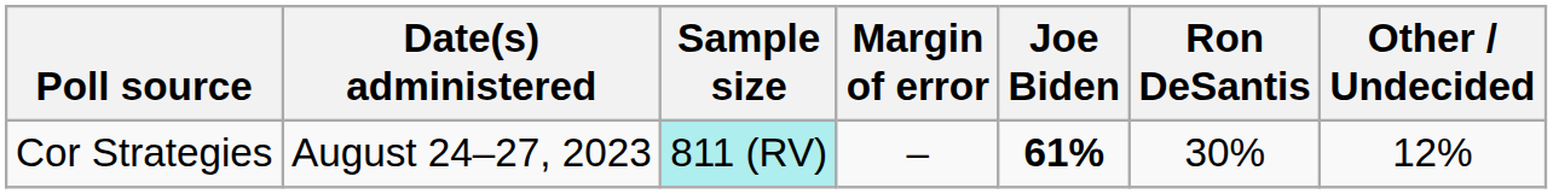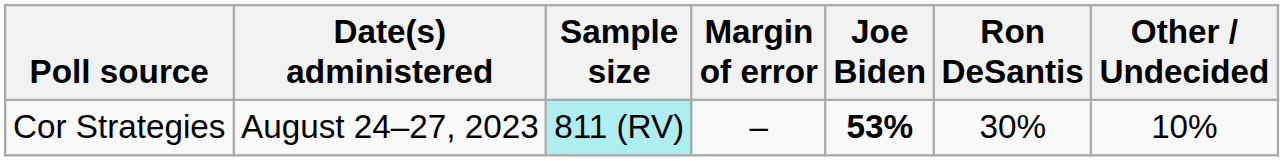 <table class="wikitable sortable mw-datatable" style="font-size:90%;text-align:center;line-height:17px">
 <tr valign="bottom">
 <th>Poll source</th>
 <th>Date(s)<br>administered</th>
 <th>Sample<br>size</th>
 <th>Margin<br>of error</th>
 <th class="unsortable">Joe<br>Biden<br></th>
 <th class="unsortable">Ron<br>DeSantis<br></th>
 <th class="unsortable">Other /<br>Undecided</th>
 </tr>
 <tr>
 <td style="text-align:left;">Cor Strategies</td>
 <td>August 24–27, 2023</td>
 <td style="background: paleturquoise;">811 (RV)</td>
 <td>–</td>
-<td style="color:black;background-color:"><strong>61%</strong></td>
+<td style="color:black;background-color:"><strong>53%</strong></td>
 <td>30%</td>
-<td>12%</td>
+<td>10%</td>
 </tr>
 </table>
